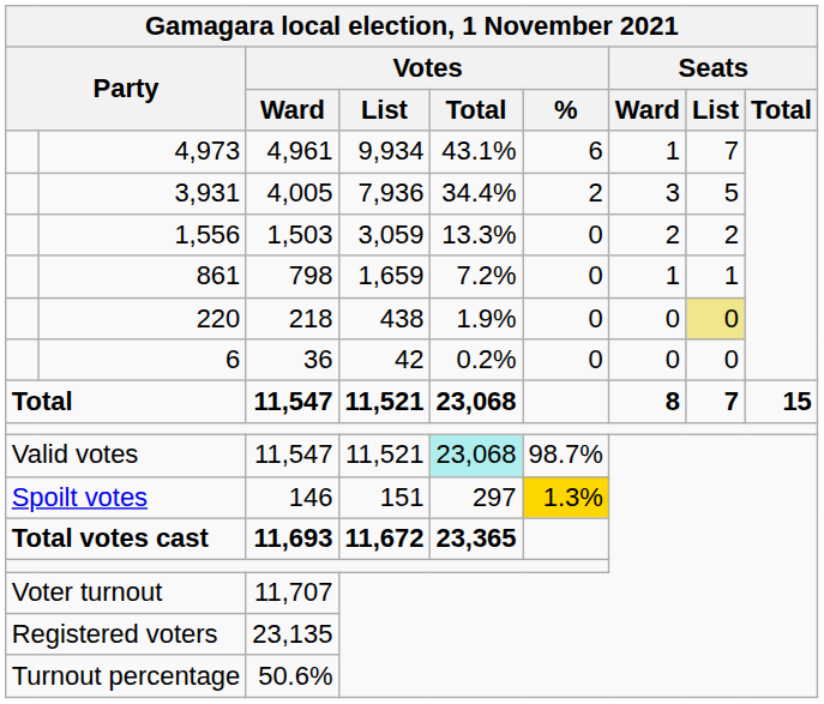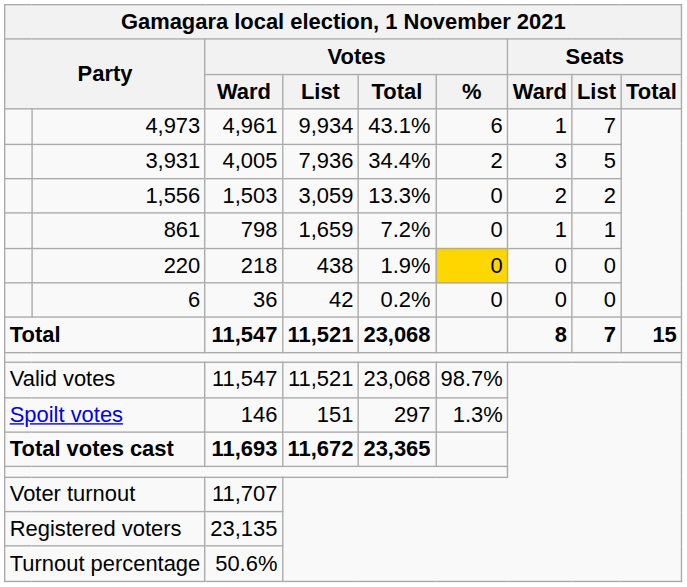 <table class=wikitable style="text-align:right">
 <tr>
 <th colspan="9" align="center">Gamagara local election, 1 November 2021</th>
 </tr>
 <tr>
 <th rowspan="2" colspan="2">Party</th>
 <th colspan="4" align="center">Votes</th>
 <th colspan="3" align="center">Seats</th>
 </tr>
 <tr>
 <th>Ward</th>
 <th>List</th>
 <th>Total</th>
 <th>%</th>
 <th>Ward</th>
 <th>List</th>
 <th>Total</th>
 </tr>
 <tr>
 <td></td>
 <td>4,973</td>
 <td>4,961</td>
 <td>9,934</td>
 <td>43.1%</td>
 <td>6</td>
 <td>1</td>
 <td>7</td>
 </tr>
 <tr>
 <td></td>
 <td>3,931</td>
 <td>4,005</td>
 <td>7,936</td>
 <td>34.4%</td>
 <td>2</td>
 <td>3</td>
 <td>5</td>
 </tr>
 <tr>
 <td></td>
 <td>1,556</td>
 <td>1,503</td>
 <td>3,059</td>
 <td>13.3%</td>
 <td>0</td>
 <td>2</td>
 <td>2</td>
 </tr>
 <tr>
 <td></td>
 <td>861</td>
 <td>798</td>
 <td>1,659</td>
 <td>7.2%</td>
 <td>0</td>
 <td>1</td>
 <td>1</td>
 </tr>
 <tr>
 <td></td>
 <td>220</td>
 <td>218</td>
 <td>438</td>
 <td>1.9%</td>
+<td style="background: gold;">0</td>
 <td>0</td>
 <td>0</td>
-<td style="background: khaki;">0</td>
 </tr>
 <tr>
 <td></td>
 <td>6</td>
 <td>36</td>
 <td>42</td>
 <td>0.2%</td>
 <td>0</td>
 <td>0</td>
 <td>0</td>
 </tr>
 <tr>
 <td colspan="2" style="text-align:left"><strong>Total</strong></td>
 <td><strong>11,547</strong></td>
 <td><strong>11,521</strong></td>
 <td><strong>23,068</strong></td>
 <td></td>
 <td><strong>8</strong></td>
 <td><strong>7</strong></td>
 <td><strong>15</strong></td>
 </tr>
 <tr>
 <td colspan="9"></td>
 </tr>
 <tr>
 <td colspan="2" style="text-align:left">Valid votes</td>
 <td>11,547</td>
 <td>11,521</td>
-<td style="background: paleturquoise;">23,068</td>
+<td>23,068</td>
 <td>98.7%</td>
 </tr>
 <tr>
 <td colspan="2" style="text-align:left"><a href='#'>Spoilt votes</a></td>
 <td>146</td>
 <td>151</td>
 <td>297</td>
-<td style="background: gold;">1.3%</td>
+<td>1.3%</td>
 </tr>
 <tr>
 <td colspan="2" style="text-align:left"><strong>Total votes cast</strong></td>
 <td><strong>11,693</strong></td>
 <td><strong>11,672</strong></td>
 <td><strong>23,365</strong></td>
 <td></td>
 </tr>
 <tr>
 <td colspan="6"></td>
 </tr>
 <tr>
 <td colspan="2" style="text-align:left">Voter turnout</td>
 <td>11,707</td>
 </tr>
 <tr>
 <td colspan="2" style="text-align:left">Registered voters</td>
 <td>23,135</td>
 </tr>
 <tr>
 <td colspan="2" style="text-align:left">Turnout percentage</td>
 <td>50.6%</td>
 </tr>
 </table>
